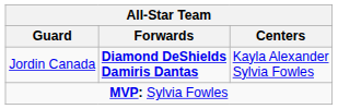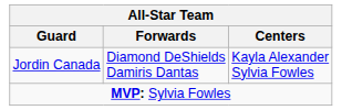 <table class=wikitable style="margin:auto">
 <tr>
 <th colspan=3 align=center>All-Star Team</th>
 </tr>
 <tr>
 <th>Guard</th>
 <th>Forwards</th>
 <th>Centers</th>
 </tr>
 <tr>
 <td valign=center> <a href='#'>Jordin Canada</a></td>
-<td><strong> <a href='#'>Diamond DeShields</a><br> <a href='#'>Damiris Dantas</a></strong></td>
+<td> <a href='#'>Diamond DeShields</a><br> <a href='#'>Damiris Dantas</a></td>
 <td> <a href='#'>Kayla Alexander</a><br> <a href='#'>Sylvia Fowles</a></td>
 </tr>
 <tr>
 <td colspan=3 align=center><strong><a href='#'>MVP</a>:</strong>  <a href='#'>Sylvia Fowles</a></td>
 </tr>
 </table>
